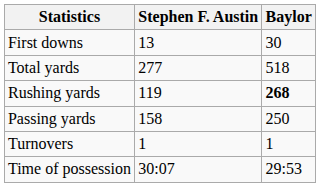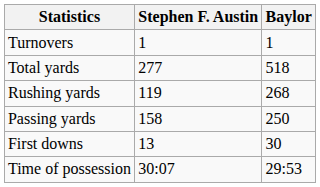 <table class="wikitable" style="float: right;">
 <tr>
 <th>Statistics</th>
 <th>Stephen F. Austin</th>
 <th>Baylor</th>
 </tr>
 <tr>
-<td>First downs</td>
-<td>13</td>
-<td>30</td>
+<td>Turnovers</td>
+<td>1</td>
+<td>1</td>
 </tr>
 <tr>
 <td>Total yards</td>
 <td>277</td>
 <td>518</td>
 </tr>
 <tr>
 <td>Rushing yards</td>
 <td>119</td>
-<td><strong>268</strong></td>
+<td>268</td>
 </tr>
 <tr>
 <td>Passing yards</td>
 <td>158</td>
 <td>250</td>
 </tr>
 <tr>
-<td>Turnovers</td>
-<td>1</td>
-<td>1</td>
+<td>First downs</td>
+<td>13</td>
+<td>30</td>
 </tr>
 <tr>
 <td>Time of possession</td>
 <td>30:07</td>
 <td>29:53</td>
 </tr>
 <tr>
 </tr>
 </table>
